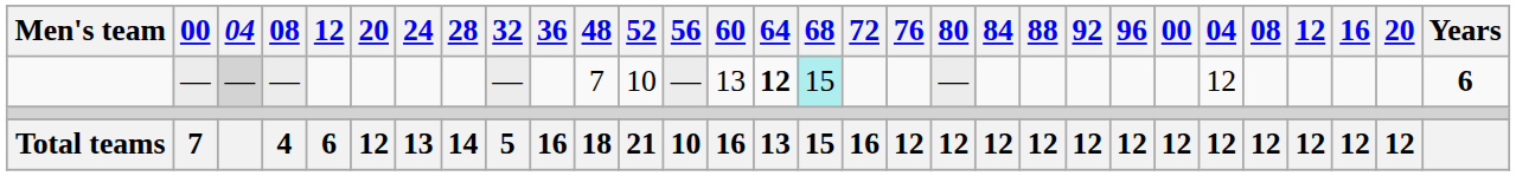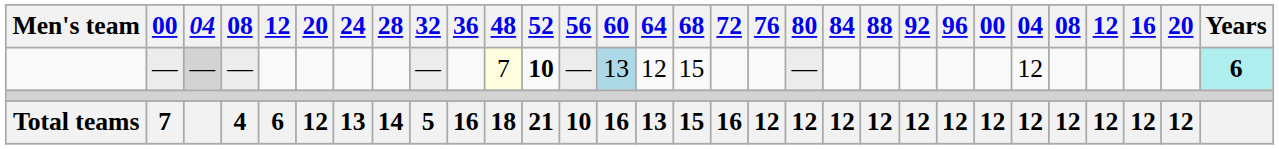 <table class="wikitable" style="text-align: center; font-size: 90%; margin-left: 1em;">
 <tr>
 <th>Men's team</th>
 <th><a href='#'>00</a></th>
 <th><em><a href='#'>04</a></em></th>
 <th><a href='#'>08</a></th>
 <th><a href='#'>12</a></th>
 <th><a href='#'>20</a></th>
 <th><a href='#'>24</a></th>
 <th><a href='#'>28</a></th>
 <th><a href='#'>32</a></th>
 <th><a href='#'>36</a></th>
 <th><a href='#'>48</a></th>
 <th><a href='#'>52</a></th>
 <th><a href='#'>56</a></th>
 <th><a href='#'>60</a></th>
 <th><a href='#'>64</a></th>
 <th><a href='#'>68</a></th>
 <th><a href='#'>72</a></th>
 <th><a href='#'>76</a></th>
 <th><a href='#'>80</a></th>
 <th><a href='#'>84</a></th>
 <th><a href='#'>88</a></th>
 <th><a href='#'>92</a></th>
 <th><a href='#'>96</a></th>
 <th><a href='#'>00</a></th>
 <th><a href='#'>04</a></th>
 <th><a href='#'>08</a></th>
 <th><a href='#'>12</a></th>
 <th><a href='#'>16</a></th>
 <th><a href='#'>20</a></th>
 <th>Years</th>
 </tr>
 <tr>
 <td style="text-align: left;"></td>
 <td style="background-color: #ececec;">—</td>
 <td style="background-color: lightgray;">—</td>
 <td style="background-color: #ececec;">—</td>
 <td></td>
 <td></td>
 <td></td>
 <td></td>
 <td style="background-color: #ececec;">—</td>
 <td></td>
-<td>7</td>
-<td>10</td>
+<td style="background: lightyellow;">7</td>
+<td><strong>10</strong></td>
 <td style="background-color: #ececec;">—</td>
-<td>13</td>
-<td><strong>12</strong></td>
-<td style="background: paleturquoise;">15</td>
+<td style="background: lightblue;">13</td>
+<td>12</td>
+<td>15</td>
 <td></td>
 <td></td>
 <td style="background-color: #ececec;">—</td>
 <td></td>
 <td></td>
 <td></td>
 <td></td>
 <td></td>
 <td>12</td>
 <td></td>
 <td></td>
 <td></td>
 <td></td>
-<td><strong>6</strong></td>
+<td style="background: paleturquoise;"><strong>6</strong></td>
 </tr>
 <tr style="background-color: lightgrey;">
 <td colspan="30"></td>
 </tr>
 <tr>
 <th>Total teams</th>
 <th>7</th>
 <th></th>
 <th>4</th>
 <th>6</th>
 <th>12</th>
 <th>13</th>
 <th>14</th>
 <th>5</th>
 <th>16</th>
 <th>18</th>
 <th>21</th>
 <th>10</th>
 <th>16</th>
 <th>13</th>
 <th>15</th>
 <th>16</th>
 <th>12</th>
 <th>12</th>
 <th>12</th>
 <th>12</th>
 <th>12</th>
 <th>12</th>
 <th>12</th>
 <th>12</th>
 <th>12</th>
 <th>12</th>
 <th>12</th>
 <th>12</th>
 <th></th>
 </tr>
 </table>
